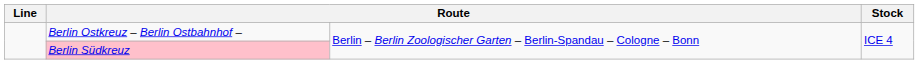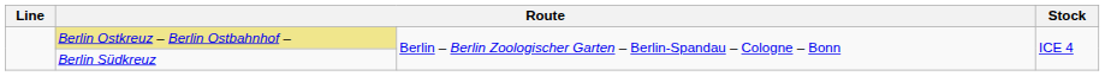 <table class="wikitable" width="100%">
 <tr>
 <th>Line</th>
 <th colspan=2>Route</th>
 <th>Stock</th>
 </tr>
 <tr>
 <td rowspan=2></td>
-<td><em><a href='#'>Berlin Ostkreuz</a> – <a href='#'>Berlin Ostbahnhof</a> –</em></td>
+<td style="background: khaki;"><em><a href='#'>Berlin Ostkreuz</a> – <a href='#'>Berlin Ostbahnhof</a> –</em></td>
 <td rowspan=2><a href='#'>Berlin</a> – <em><a href='#'>Berlin Zoologischer Garten</a></em> – <a href='#'>Berlin-Spandau</a> – <a href='#'>Cologne</a> – <a href='#'>Bonn</a></td>
 <td rowspan=2><a href='#'>ICE 4</a></td>
 </tr>
 <tr>
-<td style="background: pink;"><em><a href='#'>Berlin Südkreuz</a></em></td>
+<td><em><a href='#'>Berlin Südkreuz</a></em></td>
 </tr>
 </table>
